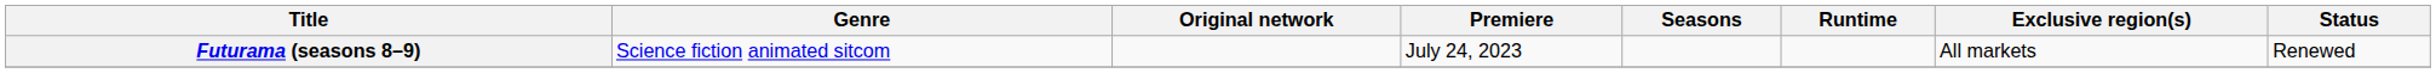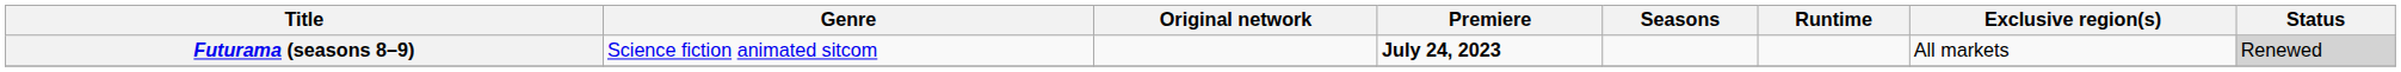 <table class="wikitable plainrowheaders sortable" style="width:100%;">
 <tr>
 <th style="width:25%;">Title</th>
 <th>Genre</th>
 <th>Original network</th>
 <th>Premiere</th>
 <th>Seasons</th>
 <th>Runtime</th>
 <th>Exclusive region(s)</th>
 <th>Status</th>
 </tr>
 <tr>
 <th scope="row"><em><a href='#'>Futurama</a></em> (seasons 8–9)</th>
 <td><a href='#'>Science fiction</a> <a href='#'>animated sitcom</a></td>
 <td></td>
-<td>July 24, 2023</td>
+<td><strong>July 24, 2023</strong></td>
 <td></td>
 <td></td>
 <td>All markets</td>
-<td>Renewed</td>
+<td style="background: lightgrey;">Renewed</td>
 </tr>
 <tr>
 </tr>
 </table>
